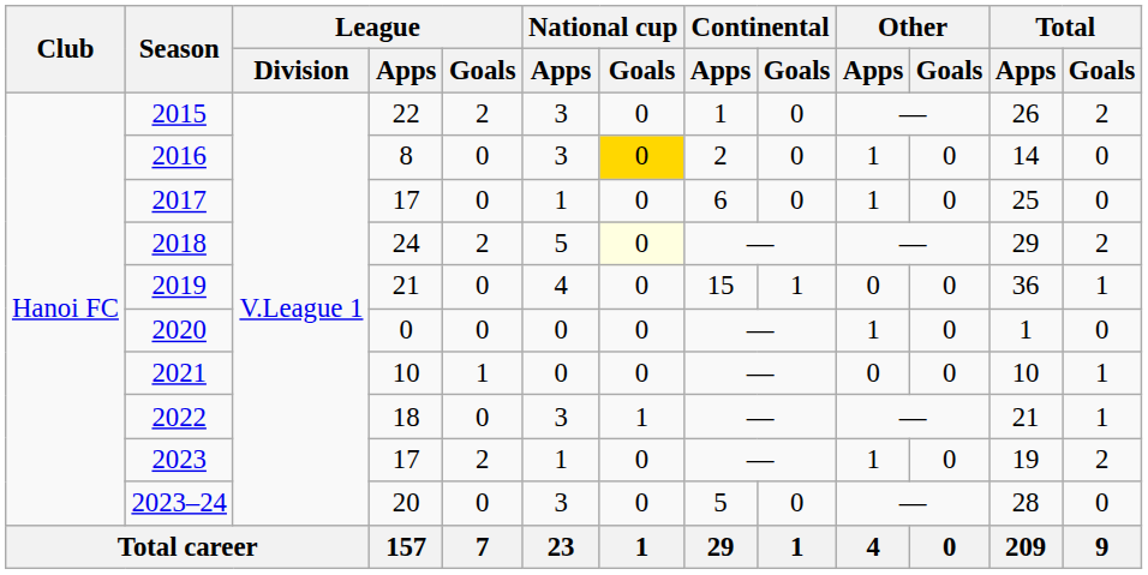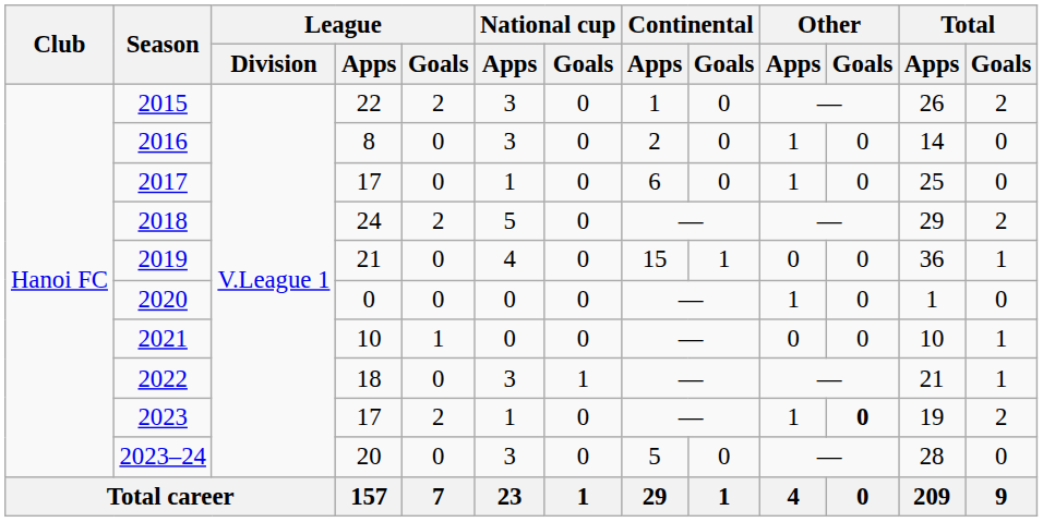 <table class="wikitable" style="text-align:center;">
 <tr>
 <th rowspan="2">Club</th>
 <th rowspan="2">Season</th>
 <th colspan="3">League</th>
 <th colspan="2">National cup</th>
 <th colspan="2">Continental</th>
 <th colspan="2">Other</th>
 <th colspan="2">Total</th>
 </tr>
 <tr>
 <th>Division</th>
 <th>Apps</th>
 <th>Goals</th>
 <th>Apps</th>
 <th>Goals</th>
 <th>Apps</th>
 <th>Goals</th>
 <th>Apps</th>
 <th>Goals</th>
 <th>Apps</th>
 <th>Goals</th>
 </tr>
 <tr>
 <td rowspan="10"><a href='#'>Hanoi FC</a></td>
 <td><a href='#'>2015</a></td>
 <td rowspan="10"><a href='#'>V.League 1</a></td>
 <td>22</td>
 <td>2</td>
 <td>3</td>
 <td>0</td>
 <td>1</td>
 <td>0</td>
 <td colspan=2>—</td>
 <td>26</td>
 <td>2</td>
 </tr>
 <tr>
 <td><a href='#'>2016</a></td>
 <td>8</td>
 <td>0</td>
 <td>3</td>
-<td style="background: gold;">0</td>
+<td>0</td>
 <td>2</td>
 <td>0</td>
 <td>1</td>
 <td>0</td>
 <td>14</td>
 <td>0</td>
 </tr>
 <tr>
 <td><a href='#'>2017</a></td>
 <td>17</td>
 <td>0</td>
 <td>1</td>
 <td>0</td>
 <td>6</td>
 <td>0</td>
 <td>1</td>
 <td>0</td>
 <td>25</td>
 <td>0</td>
 </tr>
 <tr>
 <td><a href='#'>2018</a></td>
 <td>24</td>
 <td>2</td>
 <td>5</td>
-<td style="background: lightyellow;">0</td>
+<td>0</td>
 <td colspan=2>—</td>
 <td colspan=2>—</td>
 <td>29</td>
 <td>2</td>
 </tr>
 <tr>
 <td><a href='#'>2019</a></td>
 <td>21</td>
 <td>0</td>
 <td>4</td>
 <td>0</td>
 <td>15</td>
 <td>1</td>
 <td>0</td>
 <td>0</td>
 <td>36</td>
 <td>1</td>
 </tr>
 <tr>
 <td><a href='#'>2020</a></td>
 <td>0</td>
 <td>0</td>
 <td>0</td>
 <td>0</td>
 <td colspan=2>—</td>
 <td>1</td>
 <td>0</td>
 <td>1</td>
 <td>0</td>
 </tr>
 <tr>
 <td><a href='#'>2021</a></td>
 <td>10</td>
 <td>1</td>
 <td>0</td>
 <td>0</td>
 <td colspan=2>—</td>
 <td>0</td>
 <td>0</td>
 <td>10</td>
 <td>1</td>
 </tr>
 <tr>
 <td><a href='#'>2022</a></td>
 <td>18</td>
 <td>0</td>
 <td>3</td>
 <td>1</td>
 <td colspan=2>—</td>
 <td colspan=2>—</td>
 <td>21</td>
 <td>1</td>
 </tr>
 <tr>
 <td><a href='#'>2023</a></td>
 <td>17</td>
 <td>2</td>
 <td>1</td>
 <td>0</td>
 <td colspan=2>—</td>
 <td>1</td>
-<td>0</td>
+<td><strong>0</strong></td>
 <td>19</td>
 <td>2</td>
 </tr>
 <tr>
 <td><a href='#'>2023–24</a></td>
 <td>20</td>
 <td>0</td>
 <td>3</td>
 <td>0</td>
 <td>5</td>
 <td>0</td>
 <td colspan="2">—</td>
 <td>28</td>
 <td>0</td>
 </tr>
 <tr>
 <th colspan="3">Total career</th>
 <th>157</th>
 <th>7</th>
 <th>23</th>
 <th>1</th>
 <th>29</th>
 <th>1</th>
 <th>4</th>
 <th>0</th>
 <th>209</th>
 <th>9</th>
 </tr>
 </table>
